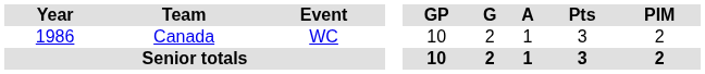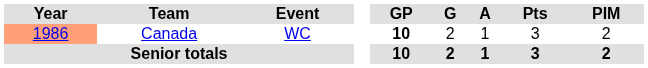 <table border="0" cellpadding="1" cellspacing="0" style="text-align:center; width:40em">
 <tr ALIGN="center" bgcolor="#e0e0e0">
 <th>Year</th>
 <th>Team</th>
 <th>Event</th>
 <th rowspan="99" bgcolor="#ffffff"> </th>
 <th>GP</th>
 <th>G</th>
 <th>A</th>
 <th>Pts</th>
 <th>PIM</th>
 </tr>
 <tr>
-<td><a href='#'>1986</a></td>
+<td style="background: lightsalmon;"><a href='#'>1986</a></td>
 <td><a href='#'>Canada</a></td>
 <td><a href='#'>WC</a></td>
-<td>10</td>
+<td><strong>10</strong></td>
 <td>2</td>
 <td>1</td>
 <td>3</td>
 <td>2</td>
 </tr>
 <tr style="background:#e0e0e0;">
 <th colspan="3">Senior totals</th>
 <th>10</th>
 <th>2</th>
 <th>1</th>
 <th>3</th>
 <th>2</th>
 </tr>
 </table>
